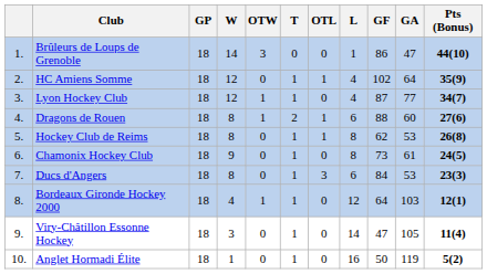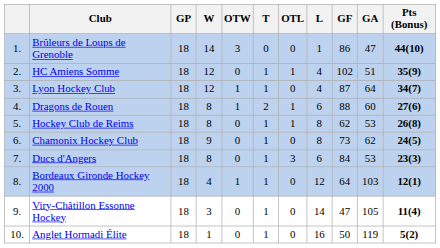 <table class="wikitable">
 <tr>
 <th width="30"></th>
 <th width="200">Club</th>
 <th width="30">GP</th>
 <th width="30">W</th>
 <th width="30">OTW</th>
 <th width="30">T</th>
 <th width="30">OTL</th>
 <th width="30">L</th>
 <th width="30">GF</th>
 <th width="30">GA</th>
 <th width="70">Pts (Bonus)</th>
 </tr>
 <tr bgcolor="#BCD2EE" align="center">
 <td>1.</td>
 <td align="left"><a href='#'>Brûleurs de Loups de Grenoble</a></td>
 <td>18</td>
 <td>14</td>
 <td>3</td>
 <td>0</td>
 <td>0</td>
 <td>1</td>
 <td>86</td>
 <td>47</td>
 <td><strong>44(10)</strong></td>
 </tr>
 <tr bgcolor="#BCD2EE" align="center">
 <td>2.</td>
 <td align="left"><a href='#'>HC Amiens Somme</a></td>
 <td>18</td>
 <td>12</td>
 <td>0</td>
 <td>1</td>
 <td>1</td>
 <td>4</td>
 <td>102</td>
-<td>64</td>
+<td>51</td>
 <td><strong>35(9)</strong></td>
 </tr>
 <tr bgcolor="#BCD2EE" align="center">
 <td>3.</td>
 <td align="left"><a href='#'>Lyon Hockey Club</a></td>
 <td>18</td>
 <td>12</td>
 <td>1</td>
 <td>1</td>
 <td>0</td>
 <td>4</td>
 <td>87</td>
-<td>77</td>
+<td>64</td>
 <td><strong>34(7)</strong></td>
 </tr>
 <tr bgcolor="#BCD2EE" align="center">
 <td>4.</td>
 <td align="left"><a href='#'>Dragons de Rouen</a></td>
 <td>18</td>
 <td>8</td>
 <td>1</td>
 <td>2</td>
 <td>1</td>
 <td>6</td>
 <td>88</td>
 <td>60</td>
 <td><strong>27(6)</strong></td>
 </tr>
 <tr bgcolor="#BCD2EE" align="center">
 <td>5.</td>
 <td align="left"><a href='#'>Hockey Club de Reims</a></td>
 <td>18</td>
 <td>8</td>
 <td>0</td>
 <td>1</td>
 <td>1</td>
 <td>8</td>
 <td>62</td>
 <td>53</td>
 <td><strong>26(8)</strong></td>
 </tr>
 <tr bgcolor="#BCD2EE" align="center">
 <td>6.</td>
 <td align="left"><a href='#'>Chamonix Hockey Club</a></td>
 <td>18</td>
 <td>9</td>
 <td>0</td>
 <td>1</td>
 <td>0</td>
 <td>8</td>
 <td>73</td>
-<td>61</td>
+<td>62</td>
 <td><strong>24(5)</strong></td>
 </tr>
 <tr bgcolor="#BCD2EE" align="center">
 <td>7.</td>
 <td align="left"><a href='#'>Ducs d'Angers</a></td>
 <td>18</td>
 <td>8</td>
 <td>0</td>
 <td>1</td>
 <td>3</td>
 <td>6</td>
 <td>84</td>
 <td>53</td>
 <td><strong>23(3)</strong></td>
 </tr>
 <tr bgcolor="#BCD2EE" align="center">
 <td>8.</td>
 <td align="left"><a href='#'>Bordeaux Gironde Hockey 2000</a></td>
 <td>18</td>
 <td>4</td>
 <td>1</td>
 <td>1</td>
 <td>0</td>
 <td>12</td>
 <td>64</td>
 <td>103</td>
 <td><strong>12(1)</strong></td>
 </tr>
 <tr bgcolor="#FFFFFF" align="center">
 <td>9.</td>
 <td align="left"><a href='#'>Viry-Châtillon Essonne Hockey&lrm;</a></td>
 <td>18</td>
 <td>3</td>
 <td>0</td>
 <td>1</td>
 <td>0</td>
 <td>14</td>
 <td>47</td>
 <td>105</td>
 <td><strong>11(4)</strong></td>
 </tr>
 <tr bgcolor="#FFFFFF" align="center">
 <td>10.</td>
 <td align="left"><a href='#'>Anglet Hormadi Élite</a></td>
 <td>18</td>
 <td>1</td>
 <td>0</td>
 <td>1</td>
 <td>0</td>
 <td>16</td>
 <td>50</td>
 <td>119</td>
 <td><strong>5(2)</strong></td>
 </tr>
 </table>
